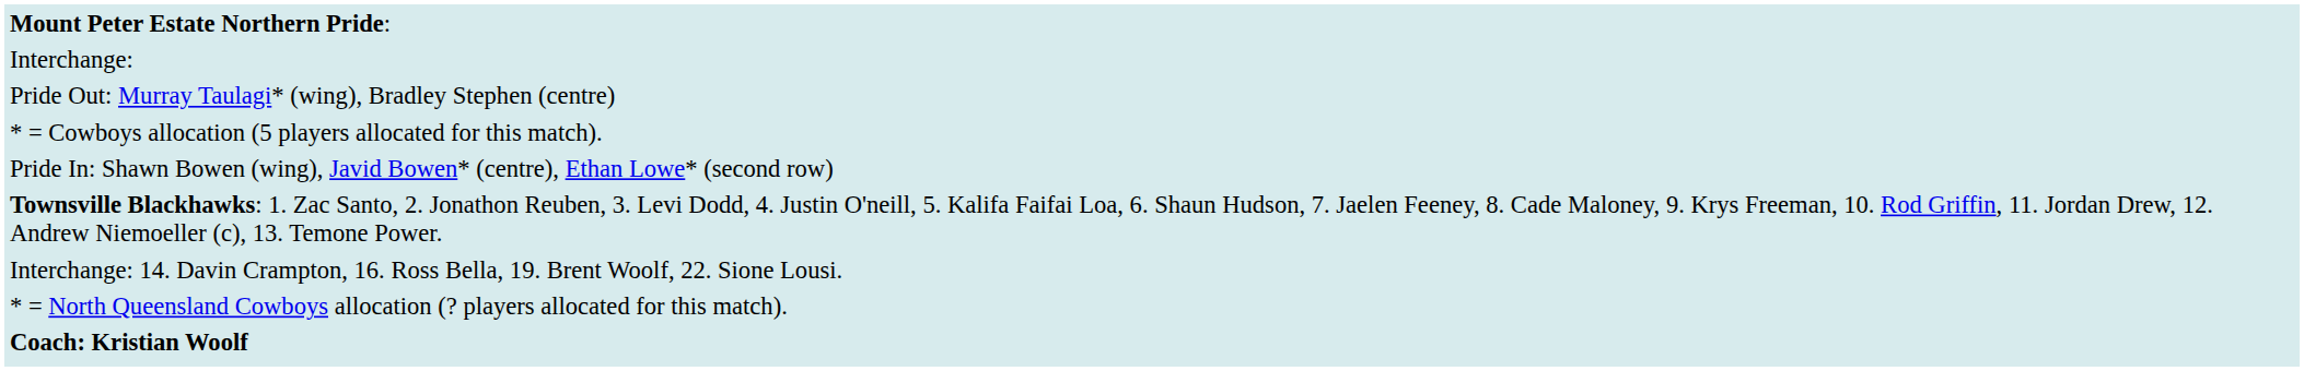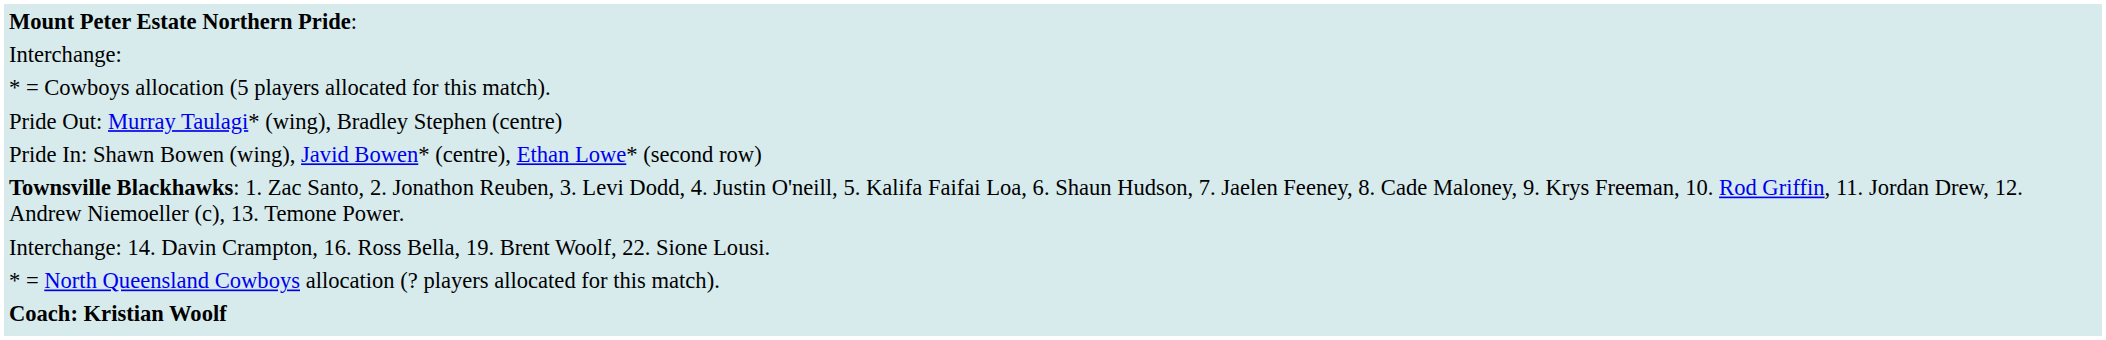 <table style="background:#d7ebed; font-size:85%; width:100%;">
 <tr>
 <td><strong>Mount Peter Estate Northern Pride</strong>:             </td>
 </tr>
 <tr>
 <td>Interchange:    </td>
 </tr>
 <tr>
-<td>Pride Out: <a href='#'>Murray Taulagi</a>* (wing), Bradley Stephen (centre)</td>
+<td>* = Cowboys allocation (5 players allocated for this match).</td>
 </tr>
 <tr>
-<td>* = Cowboys allocation (5 players allocated for this match).</td>
+<td>Pride Out: <a href='#'>Murray Taulagi</a>* (wing), Bradley Stephen (centre)</td>
 </tr>
 <tr>
 <td>Pride In: Shawn Bowen (wing), <a href='#'>Javid Bowen</a>* (centre), <a href='#'>Ethan Lowe</a>* (second row)</td>
 </tr>
 <tr>
 <td><strong>Townsville Blackhawks</strong>: 1. Zac Santo, 2. Jonathon Reuben, 3. Levi Dodd, 4. Justin O'neill, 5. Kalifa Faifai Loa, 6. Shaun Hudson, 7. Jaelen Feeney, 8. Cade Maloney, 9. Krys Freeman, 10. <a href='#'>Rod Griffin</a>, 11. Jordan Drew, 12. Andrew Niemoeller (c), 13. Temone Power.</td>
 </tr>
 <tr>
 <td>Interchange: 14. Davin Crampton, 16. Ross Bella, 19. Brent Woolf, 22. Sione Lousi.</td>
 </tr>
 <tr>
 <td>* = <a href='#'>North Queensland Cowboys</a> allocation (? players allocated for this match).</td>
 </tr>
 <tr>
 <td><strong>Coach: Kristian Woolf</strong></td>
 </tr>
 <tr>
 </tr>
 </table>
